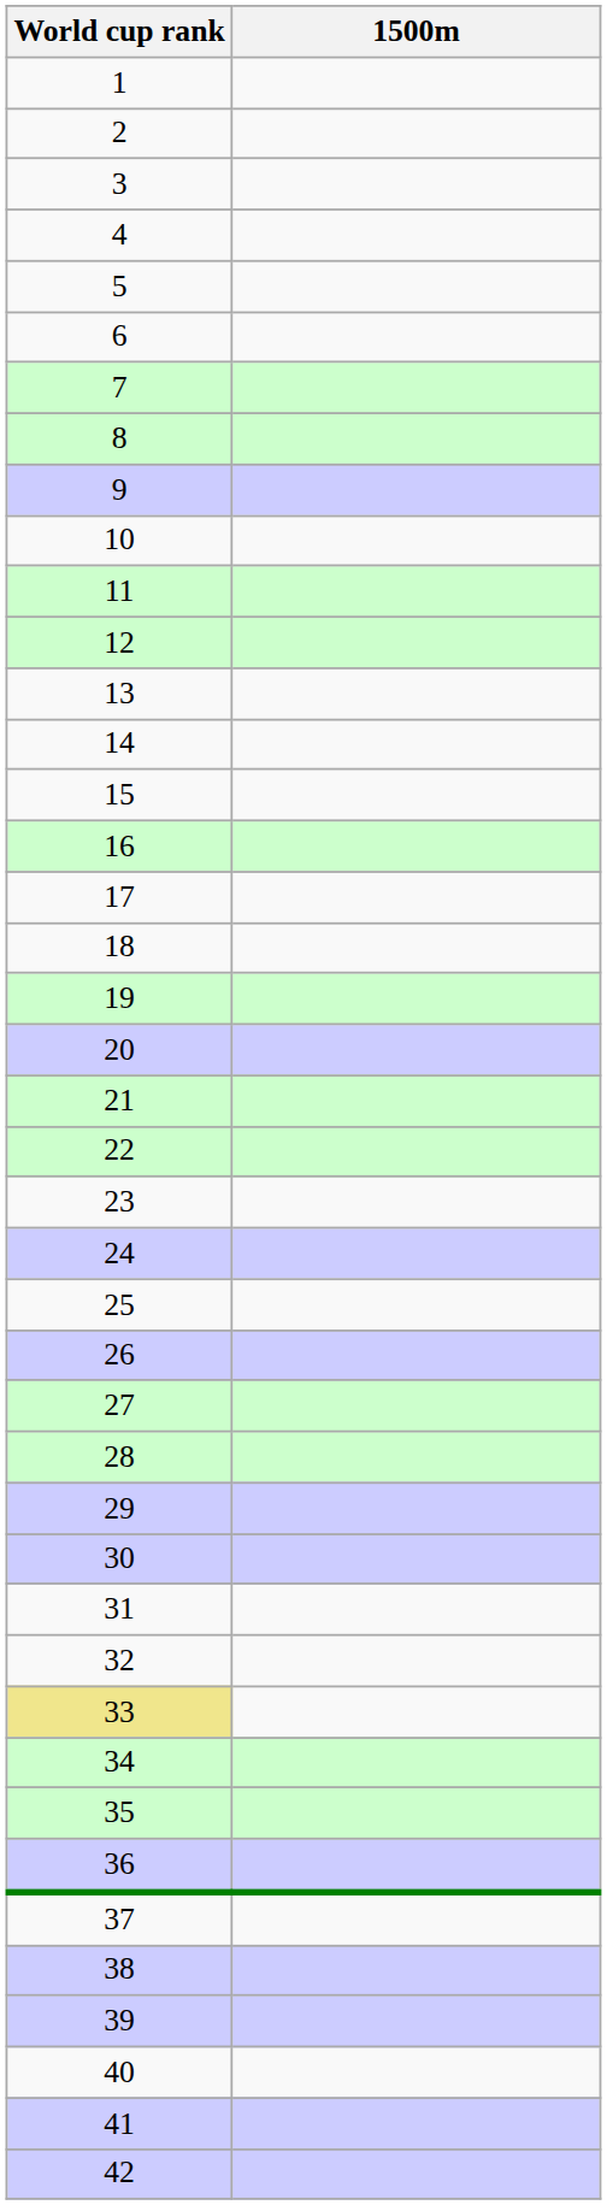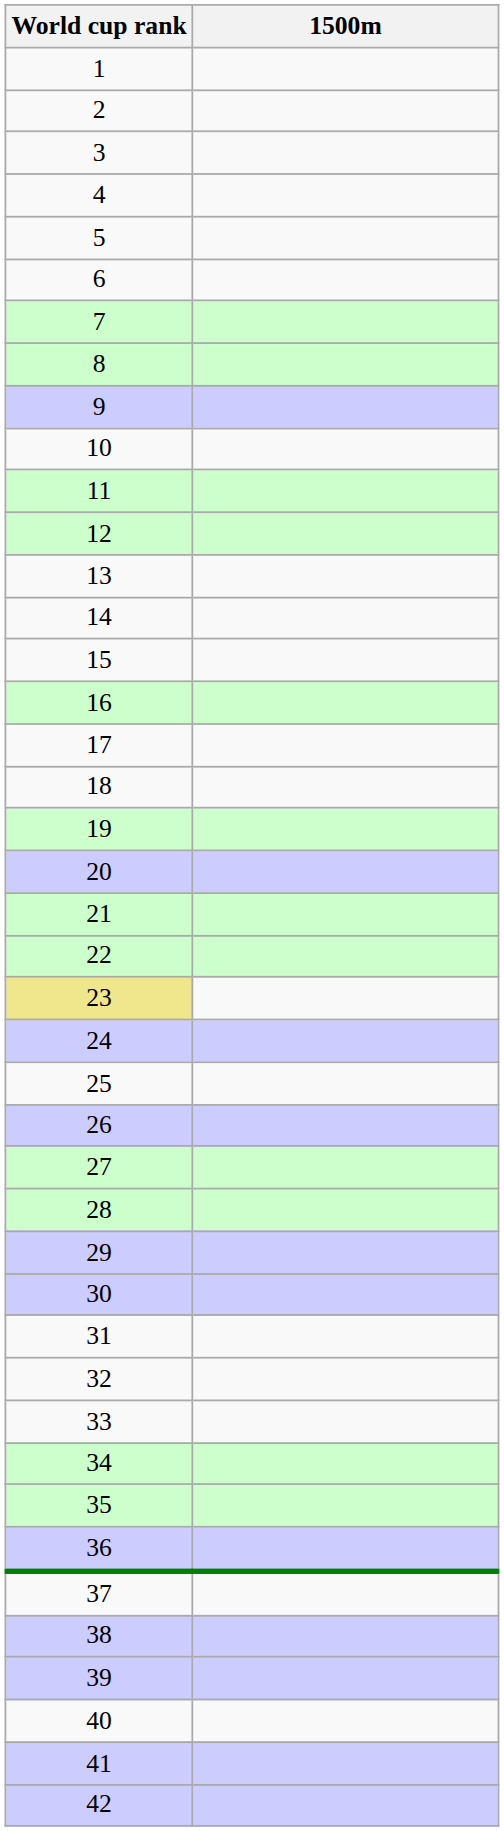 <table class="wikitable sortable" style="font-size:90%; text-align:center;margin: 1em auto 1em auto ">
 <tr>
 <th>World cup rank</th>
 <th width=165>1500m</th>
 </tr>
 <tr>
 <td>1</td>
 <td align=left></td>
 </tr>
 <tr>
 <td>2</td>
 <td align=left></td>
 </tr>
 <tr>
 <td>3</td>
 <td align=left></td>
 </tr>
 <tr>
 <td>4</td>
 <td align=left></td>
 </tr>
 <tr>
 <td>5</td>
 <td align=left></td>
 </tr>
 <tr>
 <td>6</td>
 <td align=left></td>
 </tr>
 <tr style="background: #ccffcc;">
 <td>7</td>
 <td align=left></td>
 </tr>
 <tr style="background: #ccffcc;">
 <td>8</td>
 <td align=left></td>
 </tr>
 <tr style="background: #ccccff;">
 <td>9</td>
 <td align=left></td>
 </tr>
 <tr>
 <td>10</td>
 <td align=left></td>
 </tr>
 <tr style="background: #ccffcc;">
 <td>11</td>
 <td align=left></td>
 </tr>
 <tr style="background: #ccffcc;">
 <td>12</td>
 <td align=left></td>
 </tr>
 <tr>
 <td>13</td>
 <td align=left></td>
 </tr>
 <tr>
 <td>14</td>
 <td align=left></td>
 </tr>
 <tr>
 <td>15</td>
 <td align=left></td>
 </tr>
 <tr style="background: #ccffcc;">
 <td>16</td>
 <td align=left></td>
 </tr>
 <tr>
 <td>17</td>
 <td align=left></td>
 </tr>
 <tr>
 <td>18</td>
 <td align=left></td>
 </tr>
 <tr style="background: #ccffcc;">
 <td>19</td>
 <td align=left></td>
 </tr>
 <tr style="background: #ccccff;">
 <td>20</td>
 <td align=left></td>
 </tr>
 <tr style="background: #ccffcc;">
 <td>21</td>
 <td align=left></td>
 </tr>
 <tr style="background: #ccffcc;">
 <td>22</td>
 <td align=left></td>
 </tr>
 <tr>
-<td>23</td>
+<td style="background: khaki;">23</td>
 <td align=left></td>
 </tr>
 <tr style="background: #ccccff;">
 <td>24</td>
 <td align=left></td>
 </tr>
 <tr>
 <td>25</td>
 <td align=left></td>
 </tr>
 <tr style="background: #ccccff;">
 <td>26</td>
 <td align=left></td>
 </tr>
 <tr style="background: #ccffcc;">
 <td>27</td>
 <td align=left></td>
 </tr>
 <tr style="background: #ccffcc;">
 <td>28</td>
 <td align=left></td>
 </tr>
 <tr style="background: #ccccff;">
 <td>29</td>
 <td align=left></td>
 </tr>
 <tr style="background: #ccccff;">
 <td>30</td>
 <td align=left></td>
 </tr>
 <tr>
 <td>31</td>
 <td align=left></td>
 </tr>
 <tr>
 <td>32</td>
 <td align=left></td>
 </tr>
 <tr>
-<td style="background: khaki;">33</td>
+<td>33</td>
 <td align=left></td>
 </tr>
 <tr style="background: #ccffcc;">
 <td>34</td>
 <td align=left></td>
 </tr>
 <tr style="background: #ccffcc;">
 <td>35</td>
 <td align=left><s></s></td>
 </tr>
 <tr style="background: #ccccff; border-bottom:3px solid green;">
 <td>36</td>
 <td align=left></td>
 </tr>
 <tr>
 <td>37</td>
 <td align=left><strong></strong></td>
 </tr>
 <tr style="background: #ccccff;">
 <td>38</td>
 <td align=left></td>
 </tr>
 <tr style="background: #ccccff;">
 <td>39</td>
 <td align=left></td>
 </tr>
 <tr>
 <td>40</td>
 <td align=left></td>
 </tr>
 <tr style="background: #ccccff;">
 <td>41</td>
 <td align=left></td>
 </tr>
 <tr style="background: #ccccff;">
 <td>42</td>
 <td align=left></td>
 </tr>
 </table>
